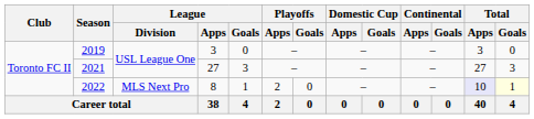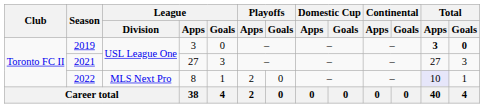 <table class="wikitable" style="text-align: center">
 <tr>
 <th rowspan="2">Club</th>
 <th rowspan="2">Season</th>
 <th colspan="3">League</th>
 <th colspan="2">Playoffs</th>
 <th colspan="2">Domestic Cup</th>
 <th colspan="2">Continental</th>
 <th colspan="2">Total</th>
 </tr>
 <tr>
 <th>Division</th>
 <th>Apps</th>
 <th>Goals</th>
 <th>Apps</th>
 <th>Goals</th>
 <th>Apps</th>
 <th>Goals</th>
 <th>Apps</th>
 <th>Goals</th>
 <th>Apps</th>
 <th>Goals</th>
 </tr>
 <tr>
 <td rowspan=3><a href='#'>Toronto FC II</a></td>
 <td><a href='#'>2019</a></td>
 <td rowspan=2><a href='#'>USL League One</a></td>
 <td>3</td>
 <td>0</td>
 <td colspan="2">–</td>
 <td colspan="2">–</td>
 <td colspan="2">–</td>
-<td>3</td>
-<td>0</td>
+<td><strong>3</strong></td>
+<td><strong>0</strong></td>
 </tr>
 <tr>
 <td><a href='#'>2021</a></td>
 <td>27</td>
 <td>3</td>
 <td colspan="2">–</td>
 <td colspan="2">–</td>
 <td colspan="2">–</td>
 <td>27</td>
 <td>3</td>
 </tr>
 <tr>
 <td><a href='#'>2022</a></td>
 <td><a href='#'>MLS Next Pro</a></td>
 <td>8</td>
 <td>1</td>
 <td>2</td>
 <td>0</td>
 <td colspan="2">–</td>
 <td colspan="2">–</td>
 <td style="background: lavender;">10</td>
-<td style="background: lightyellow;">1</td>
+<td>1</td>
 </tr>
 <tr>
 <th colspan="3"><strong>Career total</strong></th>
 <th>38</th>
 <th>4</th>
 <th>2</th>
 <th>0</th>
 <th>0</th>
 <th>0</th>
 <th>0</th>
 <th>0</th>
 <th>40</th>
 <th>4</th>
 </tr>
 </table>
